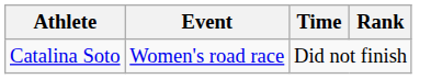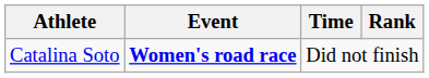 <table class=wikitable style=font-size:90%;text-align:center>
 <tr>
 <th>Athlete</th>
 <th>Event</th>
 <th>Time</th>
 <th>Rank</th>
 </tr>
 <tr>
 <td align=left><a href='#'>Catalina Soto</a></td>
-<td align=left><a href='#'>Women's road race</a></td>
+<td align=left><strong><a href='#'>Women's road race</a></strong></td>
 <td colspan=2>Did not finish</td>
 </tr>
 </table>
